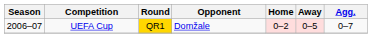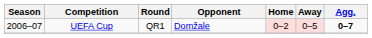 <table class="wikitable" style="font-size:95%; text-align: center;">
 <tr>
 <th width="60">Season</th>
 <th width="150">Competition</th>
 <th width="30">Round</th>
 <th width="150">Opponent</th>
 <th width="40">Home</th>
 <th width="40">Away</th>
 <th width="65"><a href='#'>Agg.</a></th>
 </tr>
 <tr>
 <td>2006–07</td>
 <td><a href='#'>UEFA Cup</a></td>
-<td style="background: gold;">QR1</td>
+<td>QR1</td>
 <td align="left"> <a href='#'>Domžale</a></td>
 <td bgcolor="#ffdddd">0–2</td>
 <td bgcolor="#ffdddd">0–5</td>
-<td>0–7</td>
+<td><strong>0–7</strong></td>
 </tr>
 <tr bgcolor=#EEEEEE>
 </tr>
 </table>
